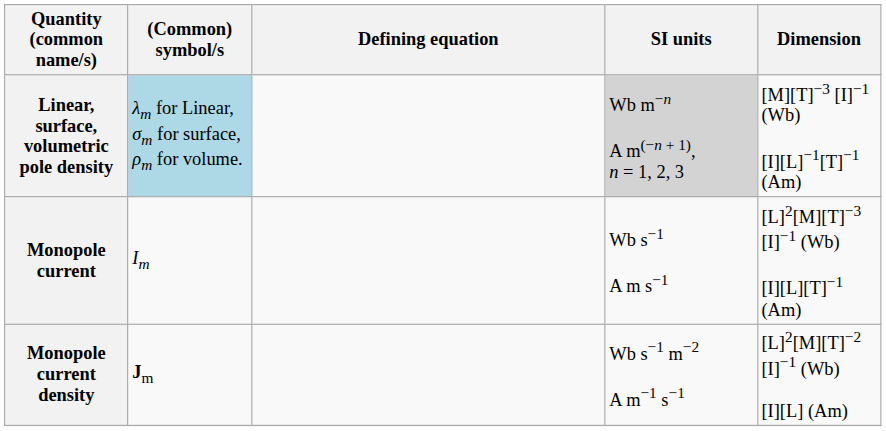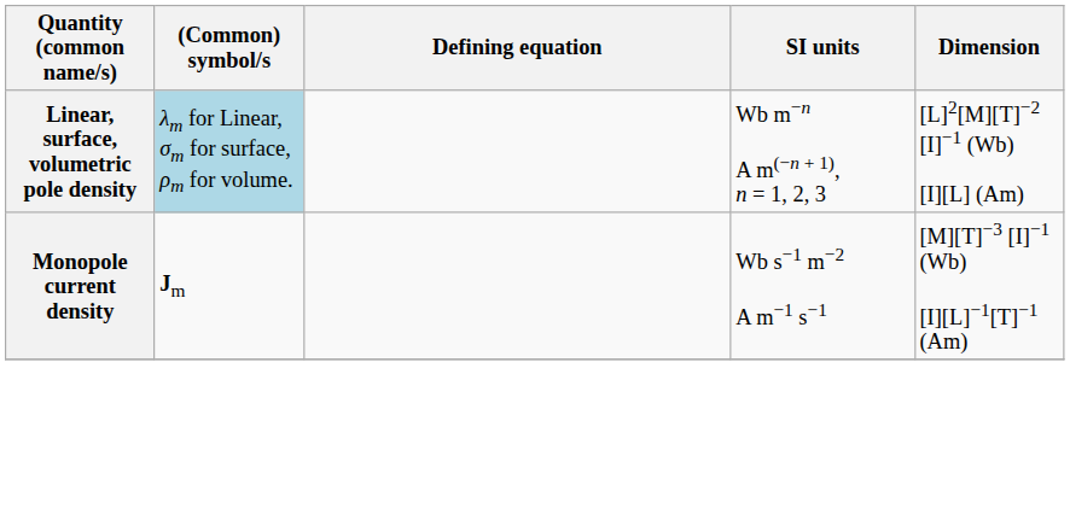 <table class="wikitable">
 <tr>
 <th scope="col" width="100">Quantity (common name/s)</th>
 <th scope="col" width="100">(Common) symbol/s</th>
 <th scope="col" width="300">Defining equation</th>
 <th scope="col" width="125">SI units</th>
 <th scope="col" width="100">Dimension</th>
 </tr>
 <tr>
 <th>Linear, surface, volumetric pole density</th>
 <td style="background: lightblue;"><em>λ<sub>m</sub></em> for Linear, <em>σ<sub>m</sub></em> for surface, <em>ρ<sub>m</sub></em> for volume.</td>
 <td><br><br></td>
-<td style="background: lightgrey;">Wb m<sup>−<em>n</em></sup> <br><br>A m<sup>(−<em>n</em> + 1)</sup>, <br> <em>n</em> = 1, 2, 3</td>
-<td>[M][T]<sup>−3</sup> [I]<sup>−1</sup> (Wb)<br><br>[I][L]<sup>−1</sup>[T]<sup>−1</sup> (Am)</td>
-</tr>
-<tr>
-<th>Monopole current</th>
-<td><em>I<sub>m</sub></em></td>
-<td></td>
-<td>Wb s<sup>−1</sup> <br><br>A m s<sup>−1</sup></td>
-<td>[L]<sup>2</sup>[M][T]<sup>−3</sup> [I]<sup>−1</sup> (Wb)<br><br>[I][L][T]<sup>−1</sup> (Am)</td>
+<td>Wb m<sup>−<em>n</em></sup> <br><br>A m<sup>(−<em>n</em> + 1)</sup>, <br> <em>n</em> = 1, 2, 3</td>
+<td>[L]<sup>2</sup>[M][T]<sup>−2</sup> [I]<sup>−1</sup> (Wb)<br><br>[I][L] (Am)</td>
 </tr>
 <tr>
 <th>Monopole current density</th>
 <td><strong>J</strong><sub>m</sub></td>
 <td></td>
 <td>Wb s<sup>−1</sup> m<sup>−2</sup> <br><br>A m<sup>−1</sup> s<sup>−1</sup></td>
-<td>[L]<sup>2</sup>[M][T]<sup>−2</sup> [I]<sup>−1</sup> (Wb)<br><br>[I][L] (Am)</td>
+<td>[M][T]<sup>−3</sup> [I]<sup>−1</sup> (Wb)<br><br>[I][L]<sup>−1</sup>[T]<sup>−1</sup> (Am)</td>
 </tr>
 <tr>
 </tr>
 </table>
